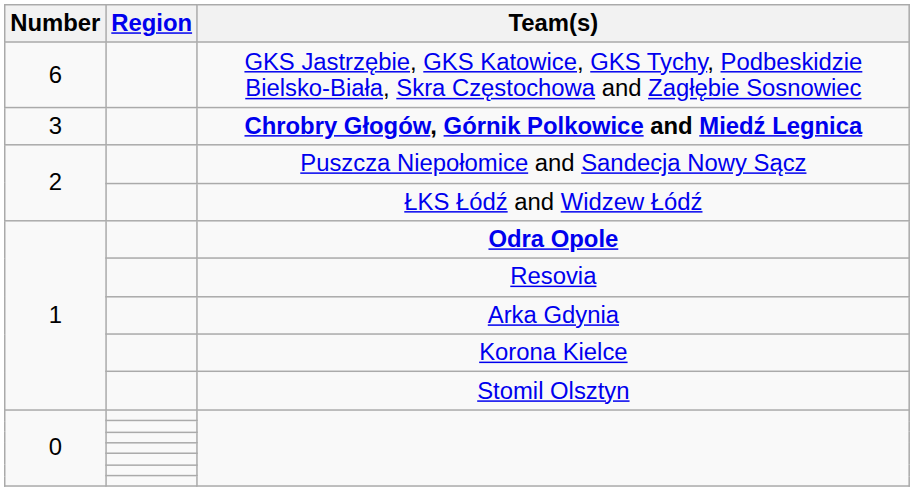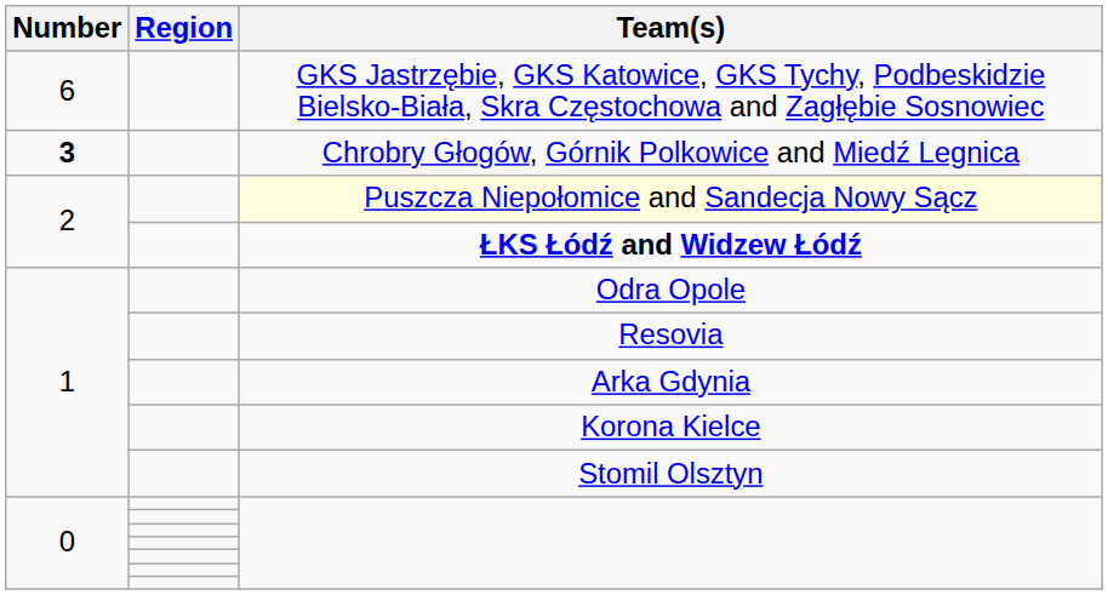 <table class="wikitable" style="text-align:center">
 <tr>
 <th>Number</th>
 <th><a href='#'>Region</a></th>
 <th>Team(s)</th>
 </tr>
 <tr>
 <td rowspan="1">6</td>
 <td align="left"></td>
 <td><a href='#'>GKS Jastrzębie</a>, <a href='#'>GKS Katowice</a>, <a href='#'>GKS Tychy</a>, <a href='#'>Podbeskidzie Bielsko-Biała</a>, <a href='#'>Skra Częstochowa</a> and <a href='#'>Zagłębie Sosnowiec</a></td>
 </tr>
 <tr>
-<td rowspan="1">3</td>
+<td rowspan="1"><strong>3</strong></td>
 <td align="left"></td>
-<td><strong><a href='#'>Chrobry Głogów</a>, <a href='#'>Górnik Polkowice</a> and <a href='#'>Miedź Legnica</a></strong></td>
+<td><a href='#'>Chrobry Głogów</a>, <a href='#'>Górnik Polkowice</a> and <a href='#'>Miedź Legnica</a></td>
 </tr>
 <tr>
 <td rowspan="2">2</td>
 <td align="left"></td>
-<td><a href='#'>Puszcza Niepołomice</a> and <a href='#'>Sandecja Nowy Sącz</a></td>
+<td style="background: lightyellow;"><a href='#'>Puszcza Niepołomice</a> and <a href='#'>Sandecja Nowy Sącz</a></td>
 </tr>
 <tr>
 <td align="left"></td>
-<td><a href='#'>ŁKS Łódź</a> and <a href='#'>Widzew Łódź</a></td>
+<td><strong><a href='#'>ŁKS Łódź</a> and <a href='#'>Widzew Łódź</a></strong></td>
 </tr>
 <tr>
 <td rowspan="5">1</td>
 <td align="left"></td>
-<td><strong><a href='#'>Odra Opole</a></strong></td>
+<td><a href='#'>Odra Opole</a></td>
 </tr>
 <tr>
 <td align="left"></td>
 <td><a href='#'>Resovia</a></td>
 </tr>
 <tr>
 <td align="left"></td>
 <td><a href='#'>Arka Gdynia</a></td>
 </tr>
 <tr>
 <td align="left"></td>
 <td><a href='#'>Korona Kielce</a></td>
 </tr>
 <tr>
 <td align="left"></td>
 <td><a href='#'>Stomil Olsztyn</a></td>
 </tr>
 <tr>
 <td rowspan="7">0</td>
 <td align="left"></td>
 </tr>
 <tr>
 <td align="left"></td>
 </tr>
 <tr>
 <td align="left"></td>
 </tr>
 <tr>
 <td align="left"></td>
 </tr>
 <tr>
 <td align="left"></td>
 </tr>
 <tr>
 <td align="left"></td>
 </tr>
 <tr>
 <td align="left"></td>
 </tr>
 </table>
